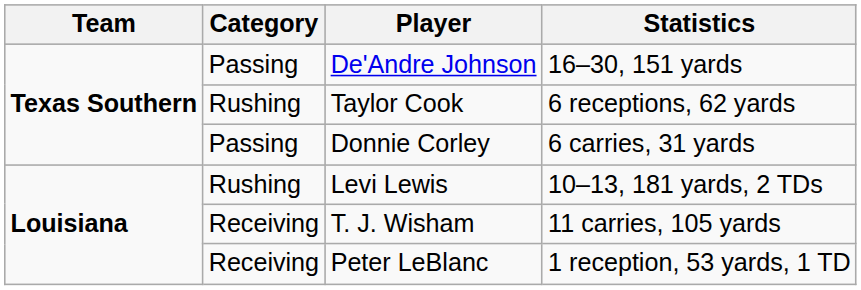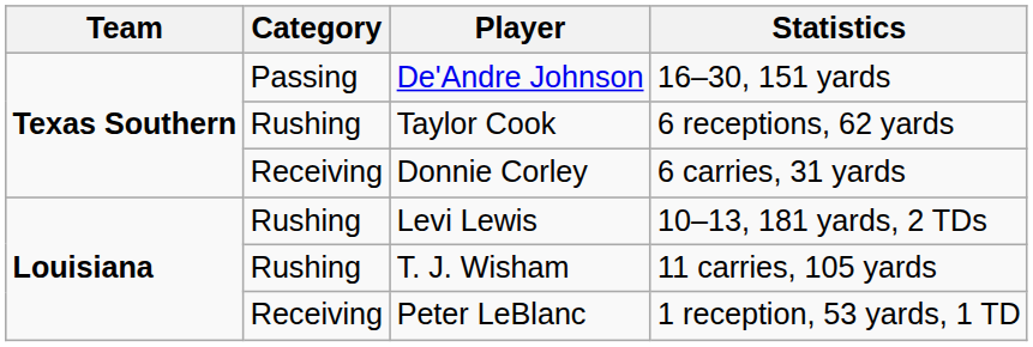 <table class="wikitable" style="float: left;">
 <tr>
 <th>Team</th>
 <th>Category</th>
 <th>Player</th>
 <th>Statistics</th>
 </tr>
 <tr>
 <td rowspan=3><strong>Texas Southern</strong></td>
 <td>Passing</td>
 <td><a href='#'>De'Andre Johnson</a></td>
 <td>16–30, 151 yards</td>
 </tr>
 <tr>
 <td>Rushing</td>
 <td>Taylor Cook</td>
 <td>6 receptions, 62 yards</td>
 </tr>
 <tr>
-<td>Passing</td>
+<td>Receiving</td>
 <td>Donnie Corley</td>
 <td>6 carries, 31 yards</td>
 </tr>
 <tr>
 <td rowspan=3><strong>Louisiana</strong></td>
 <td>Rushing</td>
 <td>Levi Lewis</td>
 <td>10–13, 181 yards, 2 TDs</td>
 </tr>
 <tr>
-<td>Receiving</td>
+<td>Rushing</td>
 <td>T. J. Wisham</td>
 <td>11 carries, 105 yards</td>
 </tr>
 <tr>
 <td>Receiving</td>
 <td>Peter LeBlanc</td>
 <td>1 reception, 53 yards, 1 TD</td>
 </tr>
 </table>
